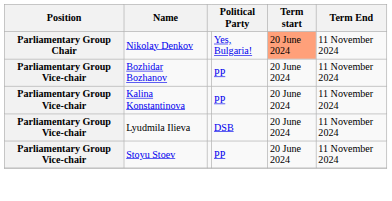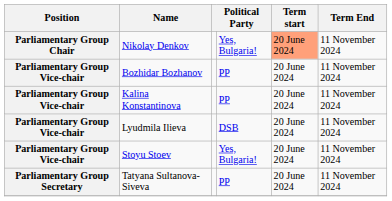 <table class="wikitable plainrowheaders">
 <tr>
 <th>Position</th>
 <th>Name</th>
 <th colspan="2">Political Party</th>
 <th>Term start</th>
 <th>Term End</th>
 </tr>
 <tr>
 <th>Parliamentary Group Chair</th>
 <td><a href='#'>Nikolay Denkov</a></td>
 <td style="background:"></td>
 <td><a href='#'>Yes, Bulgaria!</a></td>
 <td style="background: lightsalmon;">20 June 2024</td>
 <td>11 November 2024</td>
 </tr>
 <tr>
 <th>Parliamentary Group Vice-chair</th>
 <td><a href='#'>Bozhidar Bozhanov</a></td>
 <td style="background:"></td>
 <td><a href='#'>PP</a></td>
 <td>20 June 2024</td>
 <td>11 November 2024</td>
 </tr>
 <tr>
 <th>Parliamentary Group Vice-chair</th>
 <td><a href='#'>Kalina Konstantinova</a></td>
 <td style="background:"></td>
 <td><a href='#'>PP</a></td>
 <td>20 June 2024</td>
 <td>11 November 2024</td>
 </tr>
 <tr>
 <th>Parliamentary Group Vice-chair</th>
 <td>Lyudmila Ilieva</td>
 <td style="background:"></td>
 <td><a href='#'>DSB</a></td>
 <td>20 June 2024</td>
 <td>11 November 2024</td>
 </tr>
 <tr>
 <th>Parliamentary Group Vice-chair</th>
 <td><a href='#'>Stoyu Stoev</a></td>
 <td style="background:"></td>
+<td><a href='#'>Yes, Bulgaria!</a></td>
+<td>20 June 2024</td>
+<td>11 November 2024</td>
+</tr>
+<tr>
+<th>Parliamentary Group Secretary</th>
+<td>Tatyana Sultanova-Siveva</td>
+<td style="background:"></td>
 <td><a href='#'>PP</a></td>
 <td>20 June 2024</td>
 <td>11 November 2024</td>
 </tr>
 <tr>
 </tr>
 </table>
